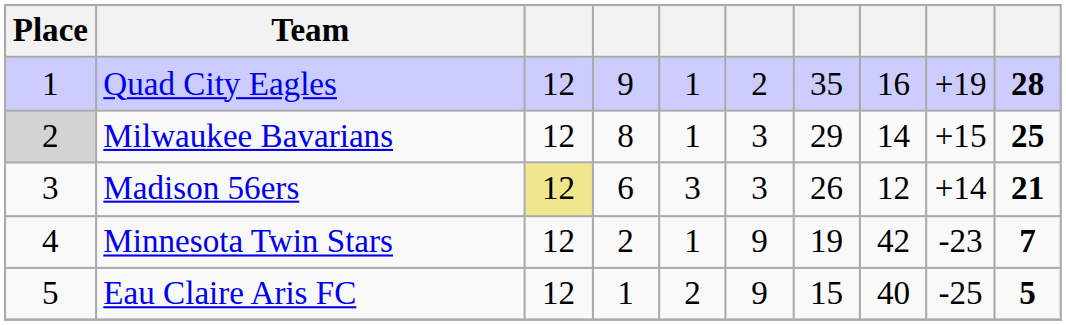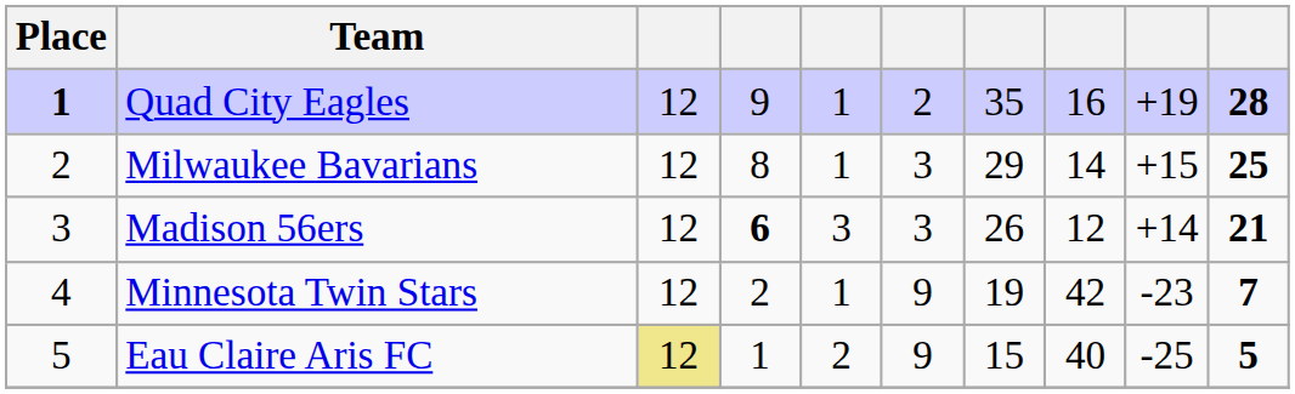 <table class="wikitable" style="text-align: center;">
 <tr>
 <th>Place</th>
 <th width="200">Team</th>
 <th width="25"></th>
 <th width="25"></th>
 <th width="25"></th>
 <th width="25"></th>
 <th width="25"></th>
 <th width="25"></th>
 <th width="25"></th>
 <th width="25"></th>
 </tr>
 <tr bgcolor=#ccccff>
-<td>1</td>
+<td><strong>1</strong></td>
 <td align=left><a href='#'>Quad City Eagles</a></td>
 <td>12</td>
 <td>9</td>
 <td>1</td>
 <td>2</td>
 <td>35</td>
 <td>16</td>
 <td>+19</td>
 <td><strong>28</strong></td>
 </tr>
 <tr>
-<td style="background: lightgrey;">2</td>
+<td>2</td>
 <td align=left><a href='#'>Milwaukee Bavarians</a></td>
 <td>12</td>
 <td>8</td>
 <td>1</td>
 <td>3</td>
 <td>29</td>
 <td>14</td>
 <td>+15</td>
 <td><strong>25</strong></td>
 </tr>
 <tr>
 <td>3</td>
 <td align=left><a href='#'>Madison 56ers</a></td>
-<td style="background: khaki;">12</td>
-<td>6</td>
+<td>12</td>
+<td><strong>6</strong></td>
 <td>3</td>
 <td>3</td>
 <td>26</td>
 <td>12</td>
 <td>+14</td>
 <td><strong>21</strong></td>
 </tr>
 <tr>
 <td>4</td>
 <td align=left><a href='#'>Minnesota Twin Stars</a></td>
 <td>12</td>
 <td>2</td>
 <td>1</td>
 <td>9</td>
 <td>19</td>
 <td>42</td>
 <td>-23</td>
 <td><strong>7</strong></td>
 </tr>
 <tr>
 <td>5</td>
 <td align=left><a href='#'>Eau Claire Aris FC</a></td>
-<td>12</td>
+<td style="background: khaki;">12</td>
 <td>1</td>
 <td>2</td>
 <td>9</td>
 <td>15</td>
 <td>40</td>
 <td>-25</td>
 <td><strong>5</strong></td>
 </tr>
 <tr>
 </tr>
 </table>
